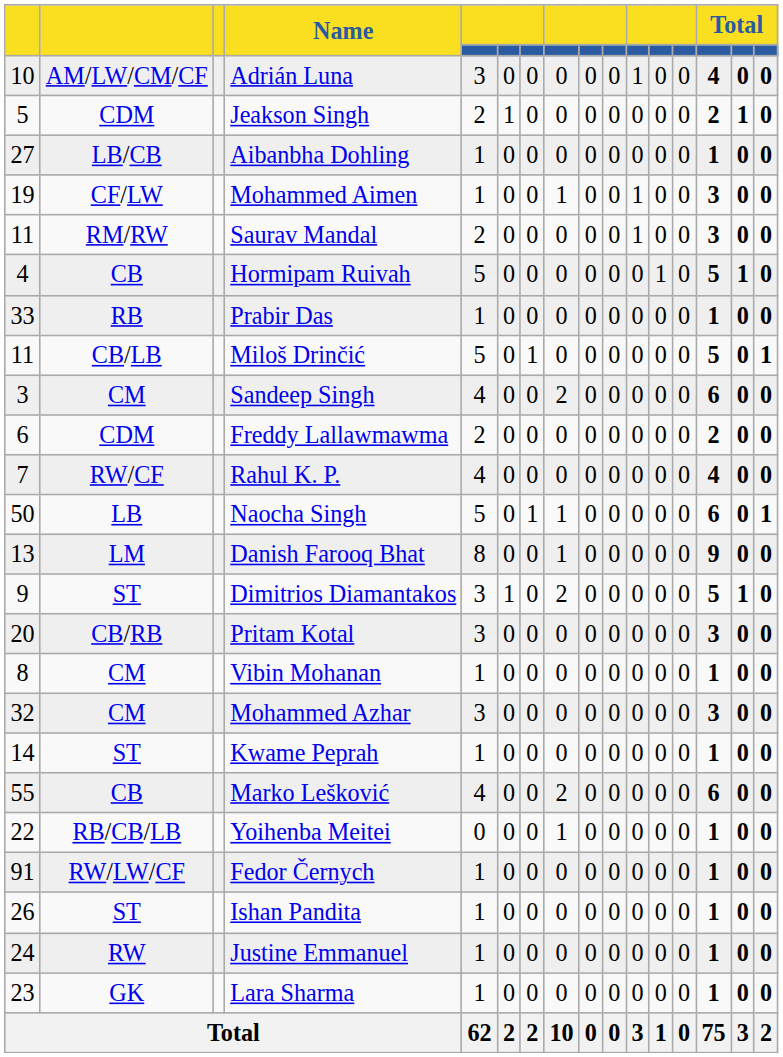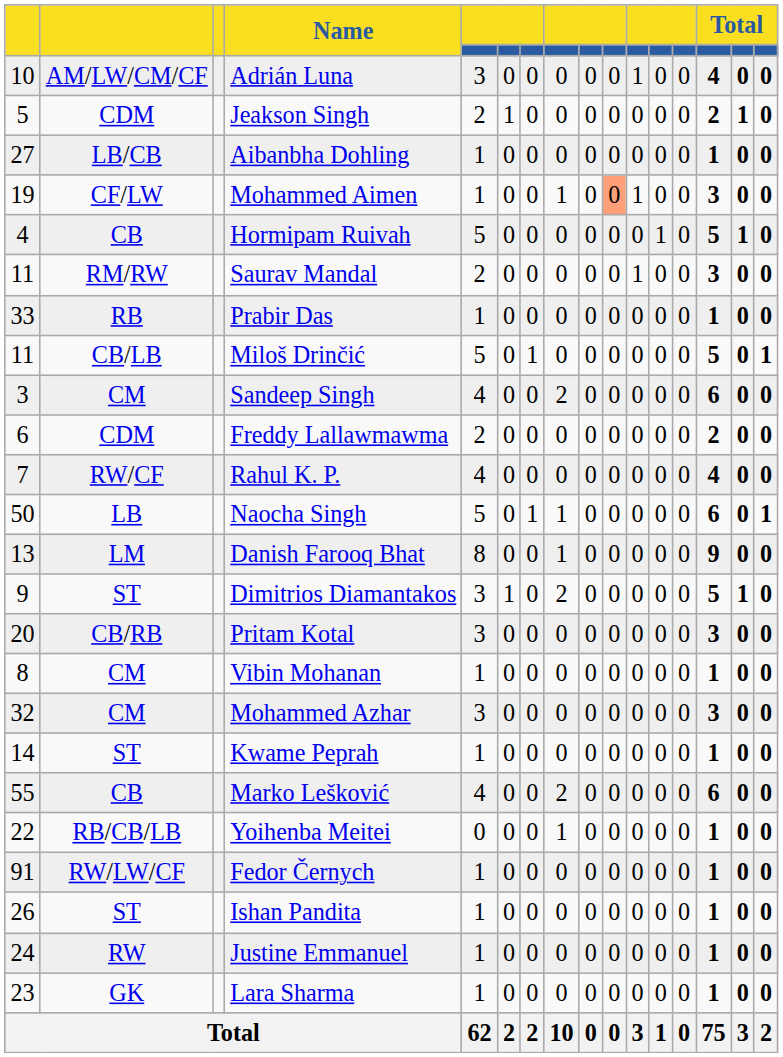 <table class="wikitable sortable" style="font-size: 95%; text-align: center;">
 <tr>
 <th rowspan=2 style="background:#FADF20; color:#2A5AA1;"></th>
 <th rowspan=2 style="background:#FADF20; color:#2A5AA1;"></th>
 <th rowspan=2 style="background:#FADF20; color:#2A5AA1;"></th>
 <th rowspan=2 style="background:#FADF20; color:#2A5AA1;">Name</th>
 <th colspan=3 style="background:#FADF20; color:#2A5AA1;"></th>
 <th colspan=3 style="background:#FADF20; color:#2A5AA1;"></th>
 <th colspan=3 style="background:#FADF20; color:#2A5AA1;"></th>
 <th colspan=3 style="background:#FADF20; color:#2A5AA1;">Total</th>
 </tr>
 <tr>
 <th style="background:#2A5AA1; color:#FADF20;"></th>
 <th style="background:#2A5AA1; color:#FADF20;"></th>
 <th style="background:#2A5AA1; color:#FADF20;"></th>
 <th style="background:#2A5AA1; color:#FADF20;"></th>
 <th style="background:#2A5AA1; color:#FADF20;"></th>
 <th style="background:#2A5AA1; color:#FADF20;"></th>
 <th style="background:#2A5AA1; color:#FADF20;"></th>
 <th style="background:#2A5AA1; color:#FADF20;"></th>
 <th style="background:#2A5AA1; color:#FADF20;"></th>
 <th style="background:#2A5AA1; color:#FADF20;"></th>
 <th style="background:#2A5AA1; color:#FADF20;"></th>
 <th style="background:#2A5AA1; color:#FADF20;"></th>
 </tr>
 <tr bgcolor="#EFEFEF">
 <td>10</td>
 <td><a href='#'>AM</a>/<a href='#'>LW</a>/<a href='#'>CM</a>/<a href='#'>CF</a></td>
 <td></td>
 <td style="text-align:left;"><a href='#'>Adrián Luna</a></td>
 <td>3</td>
 <td>0</td>
 <td>0</td>
 <td>0</td>
 <td>0</td>
 <td>0</td>
 <td>1</td>
 <td>0</td>
 <td>0</td>
 <td><strong>4</strong></td>
 <td><strong>0</strong></td>
 <td><strong>0</strong></td>
 </tr>
 <tr>
 <td>5</td>
 <td><a href='#'>CDM</a></td>
 <td></td>
 <td style="text-align:left;"><a href='#'>Jeakson Singh</a></td>
 <td>2</td>
 <td>1</td>
 <td>0</td>
 <td>0</td>
 <td>0</td>
 <td>0</td>
 <td>0</td>
 <td>0</td>
 <td>0</td>
 <td><strong>2</strong></td>
 <td><strong>1</strong></td>
 <td><strong>0</strong></td>
 </tr>
 <tr bgcolor="#EFEFEF">
 <td>27</td>
 <td><a href='#'>LB</a>/<a href='#'>CB</a></td>
 <td></td>
 <td style="text-align:left;"><a href='#'>Aibanbha Dohling</a></td>
 <td>1</td>
 <td>0</td>
 <td>0</td>
 <td>0</td>
 <td>0</td>
 <td>0</td>
 <td>0</td>
 <td>0</td>
 <td>0</td>
 <td><strong>1</strong></td>
 <td><strong>0</strong></td>
 <td><strong>0</strong></td>
 </tr>
 <tr>
 <td>19</td>
 <td><a href='#'>CF</a>/<a href='#'>LW</a></td>
 <td></td>
 <td style="text-align:left;"><a href='#'>Mohammed Aimen</a></td>
 <td>1</td>
 <td>0</td>
 <td>0</td>
 <td>1</td>
 <td>0</td>
-<td>0</td>
-<td>1</td>
-<td>0</td>
-<td>0</td>
-<td><strong>3</strong></td>
-<td><strong>0</strong></td>
-<td><strong>0</strong></td>
-</tr>
-<tr>
-<td>11</td>
-<td><a href='#'>RM</a>/<a href='#'>RW</a></td>
-<td></td>
-<td style="text-align:left;"><a href='#'>Saurav Mandal</a></td>
-<td>2</td>
-<td>0</td>
-<td>0</td>
-<td>0</td>
-<td>0</td>
-<td>0</td>
+<td style="background: lightsalmon;">0</td>
 <td>1</td>
 <td>0</td>
 <td>0</td>
 <td><strong>3</strong></td>
 <td><strong>0</strong></td>
 <td><strong>0</strong></td>
 </tr>
 <tr bgcolor="#EFEFEF">
 <td>4</td>
 <td><a href='#'>CB</a></td>
 <td></td>
 <td style="text-align:left;"><a href='#'>Hormipam Ruivah</a></td>
 <td>5</td>
 <td>0</td>
 <td>0</td>
 <td>0</td>
 <td>0</td>
 <td>0</td>
 <td>0</td>
 <td>1</td>
 <td>0</td>
 <td><strong>5</strong></td>
 <td><strong>1</strong></td>
+<td><strong>0</strong></td>
+</tr>
+<tr>
+<td>11</td>
+<td><a href='#'>RM</a>/<a href='#'>RW</a></td>
+<td></td>
+<td style="text-align:left;"><a href='#'>Saurav Mandal</a></td>
+<td>2</td>
+<td>0</td>
+<td>0</td>
+<td>0</td>
+<td>0</td>
+<td>0</td>
+<td>1</td>
+<td>0</td>
+<td>0</td>
+<td><strong>3</strong></td>
+<td><strong>0</strong></td>
 <td><strong>0</strong></td>
 </tr>
 <tr bgcolor="#EFEFEF">
 <td>33</td>
 <td><a href='#'>RB</a></td>
 <td></td>
 <td style="text-align:left;"><a href='#'>Prabir Das</a></td>
 <td>1</td>
 <td>0</td>
 <td>0</td>
 <td>0</td>
 <td>0</td>
 <td>0</td>
 <td>0</td>
 <td>0</td>
 <td>0</td>
 <td><strong>1</strong></td>
 <td><strong>0</strong></td>
 <td><strong>0</strong></td>
 </tr>
 <tr>
 <td>11</td>
 <td><a href='#'>CB</a>/<a href='#'>LB</a></td>
 <td></td>
 <td style="text-align:left;"><a href='#'>Miloš Drinčić</a></td>
 <td>5</td>
 <td>0</td>
 <td>1</td>
 <td>0</td>
 <td>0</td>
 <td>0</td>
 <td>0</td>
 <td>0</td>
 <td>0</td>
 <td><strong>5</strong></td>
 <td><strong>0</strong></td>
 <td><strong>1</strong></td>
 </tr>
 <tr bgcolor="#EFEFEF">
 <td>3</td>
 <td><a href='#'>CM</a></td>
 <td></td>
 <td style="text-align:left;"><a href='#'>Sandeep Singh</a></td>
 <td>4</td>
 <td>0</td>
 <td>0</td>
 <td>2</td>
 <td>0</td>
 <td>0</td>
 <td>0</td>
 <td>0</td>
 <td>0</td>
 <td><strong>6</strong></td>
 <td><strong>0</strong></td>
 <td><strong>0</strong></td>
 </tr>
 <tr>
 <td>6</td>
 <td><a href='#'>CDM</a></td>
 <td></td>
 <td style="text-align:left;"><a href='#'>Freddy Lallawmawma</a></td>
 <td>2</td>
 <td>0</td>
 <td>0</td>
 <td>0</td>
 <td>0</td>
 <td>0</td>
 <td>0</td>
 <td>0</td>
 <td>0</td>
 <td><strong>2</strong></td>
 <td><strong>0</strong></td>
 <td><strong>0</strong></td>
 </tr>
 <tr bgcolor="#EFEFEF">
 <td>7</td>
 <td><a href='#'>RW</a>/<a href='#'>CF</a></td>
 <td></td>
 <td style="text-align:left;"><a href='#'>Rahul K. P.</a></td>
 <td>4</td>
 <td>0</td>
 <td>0</td>
 <td>0</td>
 <td>0</td>
 <td>0</td>
 <td>0</td>
 <td>0</td>
 <td>0</td>
 <td><strong>4</strong></td>
 <td><strong>0</strong></td>
 <td><strong>0</strong></td>
 </tr>
 <tr>
 <td>50</td>
 <td><a href='#'>LB</a></td>
 <td></td>
 <td style="text-align:left;"><a href='#'>Naocha Singh</a></td>
 <td>5</td>
 <td>0</td>
 <td>1</td>
 <td>1</td>
 <td>0</td>
 <td>0</td>
 <td>0</td>
 <td>0</td>
 <td>0</td>
 <td><strong>6</strong></td>
 <td><strong>0</strong></td>
 <td><strong>1</strong></td>
 </tr>
 <tr bgcolor="#EFEFEF">
 <td>13</td>
 <td><a href='#'>LM</a></td>
 <td></td>
 <td style="text-align:left;"><a href='#'>Danish Farooq Bhat</a></td>
 <td>8</td>
 <td>0</td>
 <td>0</td>
 <td>1</td>
 <td>0</td>
 <td>0</td>
 <td>0</td>
 <td>0</td>
 <td>0</td>
 <td><strong>9</strong></td>
 <td><strong>0</strong></td>
 <td><strong>0</strong></td>
 </tr>
 <tr>
 <td>9</td>
 <td><a href='#'>ST</a></td>
 <td></td>
 <td style="text-align:left;"><a href='#'>Dimitrios Diamantakos</a></td>
 <td>3</td>
 <td>1</td>
 <td>0</td>
 <td>2</td>
 <td>0</td>
 <td>0</td>
 <td>0</td>
 <td>0</td>
 <td>0</td>
 <td><strong>5</strong></td>
 <td><strong>1</strong></td>
 <td><strong>0</strong></td>
 </tr>
 <tr bgcolor="#EFEFEF">
 <td>20</td>
 <td><a href='#'>CB</a>/<a href='#'>RB</a></td>
 <td></td>
 <td style="text-align:left;"><a href='#'>Pritam Kotal</a></td>
 <td>3</td>
 <td>0</td>
 <td>0</td>
 <td>0</td>
 <td>0</td>
 <td>0</td>
 <td>0</td>
 <td>0</td>
 <td>0</td>
 <td><strong>3</strong></td>
 <td><strong>0</strong></td>
 <td><strong>0</strong></td>
 </tr>
 <tr>
 <td>8</td>
 <td><a href='#'>CM</a></td>
 <td></td>
 <td style="text-align:left;"><a href='#'>Vibin Mohanan</a></td>
 <td>1</td>
 <td>0</td>
 <td>0</td>
 <td>0</td>
 <td>0</td>
 <td>0</td>
 <td>0</td>
 <td>0</td>
 <td>0</td>
 <td><strong>1</strong></td>
 <td><strong>0</strong></td>
 <td><strong>0</strong></td>
 </tr>
 <tr bgcolor="#EFEFEF">
 <td>32</td>
 <td><a href='#'>CM</a></td>
 <td></td>
 <td style="text-align:left;"><a href='#'>Mohammed Azhar</a></td>
 <td>3</td>
 <td>0</td>
 <td>0</td>
 <td>0</td>
 <td>0</td>
 <td>0</td>
 <td>0</td>
 <td>0</td>
 <td>0</td>
 <td><strong>3</strong></td>
 <td><strong>0</strong></td>
 <td><strong>0</strong></td>
 </tr>
 <tr>
 <td>14</td>
 <td><a href='#'>ST</a></td>
 <td></td>
 <td style="text-align:left;"><a href='#'>Kwame Peprah</a></td>
 <td>1</td>
 <td>0</td>
 <td>0</td>
 <td>0</td>
 <td>0</td>
 <td>0</td>
 <td>0</td>
 <td>0</td>
 <td>0</td>
 <td><strong>1</strong></td>
 <td><strong>0</strong></td>
 <td><strong>0</strong></td>
 </tr>
 <tr bgcolor="#EFEFEF">
 <td>55</td>
 <td><a href='#'>CB</a></td>
 <td></td>
 <td style="text-align:left;"><a href='#'>Marko Lešković</a></td>
 <td>4</td>
 <td>0</td>
 <td>0</td>
 <td>2</td>
 <td>0</td>
 <td>0</td>
 <td>0</td>
 <td>0</td>
 <td>0</td>
 <td><strong>6</strong></td>
 <td><strong>0</strong></td>
 <td><strong>0</strong></td>
 </tr>
 <tr>
 <td>22</td>
 <td><a href='#'>RB</a>/<a href='#'>CB</a>/<a href='#'>LB</a></td>
 <td></td>
 <td style="text-align:left;"><a href='#'>Yoihenba Meitei</a></td>
 <td>0</td>
 <td>0</td>
 <td>0</td>
 <td>1</td>
 <td>0</td>
 <td>0</td>
 <td>0</td>
 <td>0</td>
 <td>0</td>
 <td><strong>1</strong></td>
 <td><strong>0</strong></td>
 <td><strong>0</strong></td>
 </tr>
 <tr bgcolor="#EFEFEF">
 <td>91</td>
 <td><a href='#'>RW</a>/<a href='#'>LW</a>/<a href='#'>CF</a></td>
 <td></td>
 <td style="text-align:left;"><a href='#'>Fedor Černych</a></td>
 <td>1</td>
 <td>0</td>
 <td>0</td>
 <td>0</td>
 <td>0</td>
 <td>0</td>
 <td>0</td>
 <td>0</td>
 <td>0</td>
 <td><strong>1</strong></td>
 <td><strong>0</strong></td>
 <td><strong>0</strong></td>
 </tr>
 <tr>
 <td>26</td>
 <td><a href='#'>ST</a></td>
 <td></td>
 <td style="text-align:left;"><a href='#'>Ishan Pandita</a></td>
 <td>1</td>
 <td>0</td>
 <td>0</td>
 <td>0</td>
 <td>0</td>
 <td>0</td>
 <td>0</td>
 <td>0</td>
 <td>0</td>
 <td><strong>1</strong></td>
 <td><strong>0</strong></td>
 <td><strong>0</strong></td>
 </tr>
 <tr bgcolor="#EFEFEF">
 <td>24</td>
 <td><a href='#'>RW</a></td>
 <td></td>
 <td style="text-align:left;"><a href='#'>Justine Emmanuel</a></td>
 <td>1</td>
 <td>0</td>
 <td>0</td>
 <td>0</td>
 <td>0</td>
 <td>0</td>
 <td>0</td>
 <td>0</td>
 <td>0</td>
 <td><strong>1</strong></td>
 <td><strong>0</strong></td>
 <td><strong>0</strong></td>
 </tr>
 <tr>
 <td>23</td>
 <td><a href='#'>GK</a></td>
 <td></td>
 <td style="text-align:left;"><a href='#'>Lara Sharma</a></td>
 <td>1</td>
 <td>0</td>
 <td>0</td>
 <td>0</td>
 <td>0</td>
 <td>0</td>
 <td>0</td>
 <td>0</td>
 <td>0</td>
 <td><strong>1</strong></td>
 <td><strong>0</strong></td>
 <td><strong>0</strong></td>
 </tr>
 <tr>
 <th colspan="4">Total</th>
 <th>62</th>
 <th>2</th>
 <th>2</th>
 <th>10</th>
 <th>0</th>
 <th>0</th>
 <th>3</th>
 <th>1</th>
 <th>0</th>
 <th>75</th>
 <th>3</th>
 <th>2</th>
 </tr>
 </table>
